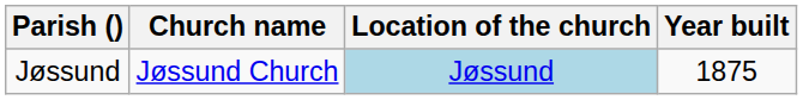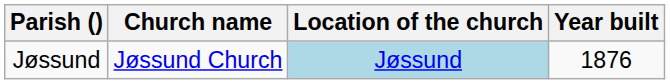 <table class="wikitable" style="text-align:center">
 <tr>
 <th>Parish ()</th>
 <th>Church name</th>
 <th>Location of the church</th>
 <th>Year built</th>
 </tr>
 <tr>
 <td rowspan="1">Jøssund</td>
 <td><a href='#'>Jøssund Church</a></td>
 <td style="background: lightblue;"><a href='#'>Jøssund</a></td>
-<td>1875</td>
+<td>1876</td>
 </tr>
 </table>
